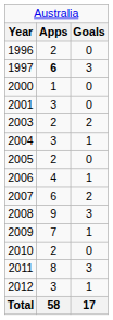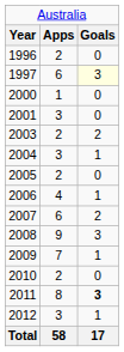 <table class="wikitable" style="text-align:center">
 <tr>
 <td colspan=3><a href='#'>Australia</a></td>
 </tr>
 <tr>
 <th>Year</th>
 <th>Apps</th>
 <th>Goals</th>
 </tr>
 <tr>
 <td>1996</td>
 <td>2</td>
 <td>0</td>
 </tr>
 <tr>
 <td>1997</td>
-<td><strong>6</strong></td>
-<td>3</td>
+<td>6</td>
+<td style="background: lightyellow;">3</td>
 </tr>
 <tr>
 <td>2000</td>
 <td>1</td>
 <td>0</td>
 </tr>
 <tr>
 <td>2001</td>
 <td>3</td>
 <td>0</td>
 </tr>
 <tr>
 <td>2003</td>
 <td>2</td>
 <td>2</td>
 </tr>
 <tr>
 <td>2004</td>
 <td>3</td>
 <td>1</td>
 </tr>
 <tr>
 <td>2005</td>
 <td>2</td>
 <td>0</td>
 </tr>
 <tr>
 <td>2006</td>
 <td>4</td>
 <td>1</td>
 </tr>
 <tr>
 <td>2007</td>
 <td>6</td>
 <td>2</td>
 </tr>
 <tr>
 <td>2008</td>
 <td>9</td>
 <td>3</td>
 </tr>
 <tr>
 <td>2009</td>
 <td>7</td>
 <td>1</td>
 </tr>
 <tr>
 <td>2010</td>
 <td>2</td>
 <td>0</td>
 </tr>
 <tr>
 <td>2011</td>
 <td>8</td>
-<td>3</td>
+<td><strong>3</strong></td>
 </tr>
 <tr>
 <td>2012</td>
 <td>3</td>
 <td>1</td>
 </tr>
 <tr>
 <th>Total</th>
 <th>58</th>
 <th>17</th>
 </tr>
 </table>
